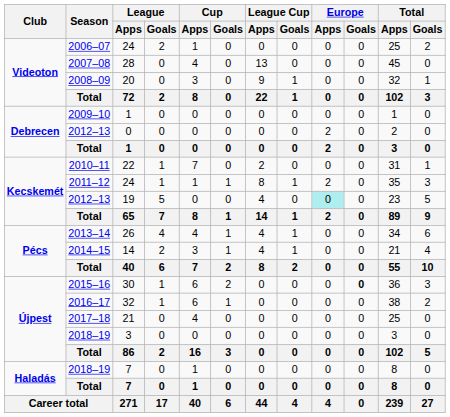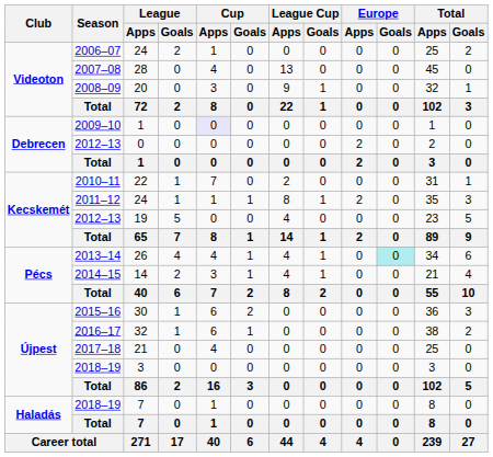 <table class="wikitable" style="text-align: center;">
 <tr>
 <th rowspan="2">Club</th>
 <th rowspan="2">Season</th>
 <th colspan="2">League</th>
 <th colspan="2">Cup</th>
 <th colspan="2">League Cup</th>
 <th colspan="2"><a href='#'>Europe</a></th>
 <th colspan="2">Total</th>
 </tr>
 <tr>
 <th>Apps</th>
 <th>Goals</th>
 <th>Apps</th>
 <th>Goals</th>
 <th>Apps</th>
 <th>Goals</th>
 <th>Apps</th>
 <th>Goals</th>
 <th>Apps</th>
 <th>Goals</th>
 </tr>
 <tr>
 <td rowspan="4"><strong><a href='#'>Videoton</a></strong></td>
 <td><a href='#'>2006–07</a></td>
 <td>24</td>
 <td>2</td>
 <td>1</td>
 <td>0</td>
 <td>0</td>
 <td>0</td>
 <td>0</td>
 <td>0</td>
 <td>25</td>
 <td>2</td>
 </tr>
 <tr>
 <td><a href='#'>2007–08</a></td>
 <td>28</td>
 <td>0</td>
 <td>4</td>
 <td>0</td>
 <td>13</td>
 <td>0</td>
 <td>0</td>
 <td>0</td>
 <td>45</td>
 <td>0</td>
 </tr>
 <tr>
 <td><a href='#'>2008–09</a></td>
 <td>20</td>
 <td>0</td>
 <td>3</td>
 <td>0</td>
 <td>9</td>
 <td>1</td>
 <td>0</td>
 <td>0</td>
 <td>32</td>
 <td>1</td>
 </tr>
 <tr>
 <th>Total</th>
 <th>72</th>
 <th>2</th>
 <th>8</th>
 <th>0</th>
 <th>22</th>
 <th>1</th>
 <th>0</th>
 <th>0</th>
 <th>102</th>
 <th>3</th>
 </tr>
 <tr>
 <td rowspan="3"><strong><a href='#'>Debrecen</a></strong></td>
 <td><a href='#'>2009–10</a></td>
 <td>1</td>
 <td>0</td>
-<td>0</td>
+<td style="background: lavender;">0</td>
 <td>0</td>
 <td>0</td>
 <td>0</td>
 <td>0</td>
 <td>0</td>
 <td>1</td>
 <td>0</td>
 </tr>
 <tr>
 <td><a href='#'>2012–13</a></td>
 <td>0</td>
 <td>0</td>
 <td>0</td>
 <td>0</td>
 <td>0</td>
 <td>0</td>
 <td>2</td>
 <td>0</td>
 <td>2</td>
 <td>0</td>
 </tr>
 <tr>
 <th>Total</th>
 <th>1</th>
 <th>0</th>
 <th>0</th>
 <th>0</th>
 <th>0</th>
 <th>0</th>
 <th>2</th>
 <th>0</th>
 <th>3</th>
 <th>0</th>
 </tr>
 <tr>
 <td rowspan="4"><strong><a href='#'>Kecskemét</a></strong></td>
 <td><a href='#'>2010–11</a></td>
 <td>22</td>
 <td>1</td>
 <td>7</td>
 <td>0</td>
 <td>2</td>
 <td>0</td>
 <td>0</td>
 <td>0</td>
 <td>31</td>
 <td>1</td>
 </tr>
 <tr>
 <td><a href='#'>2011–12</a></td>
 <td>24</td>
 <td>1</td>
 <td>1</td>
 <td>1</td>
 <td>8</td>
 <td>1</td>
 <td>2</td>
 <td>0</td>
 <td>35</td>
 <td>3</td>
 </tr>
 <tr>
 <td><a href='#'>2012–13</a></td>
 <td>19</td>
 <td>5</td>
 <td>0</td>
 <td>0</td>
 <td>4</td>
 <td>0</td>
-<td style="background: paleturquoise;">0</td>
+<td>0</td>
 <td>0</td>
 <td>23</td>
 <td>5</td>
 </tr>
 <tr>
 <th>Total</th>
 <th>65</th>
 <th>7</th>
 <th>8</th>
 <th>1</th>
 <th>14</th>
 <th>1</th>
 <th>2</th>
 <th>0</th>
 <th>89</th>
 <th>9</th>
 </tr>
 <tr>
 <td rowspan="3"><strong><a href='#'>Pécs</a></strong></td>
 <td><a href='#'>2013–14</a></td>
 <td>26</td>
 <td>4</td>
 <td>4</td>
 <td>1</td>
 <td>4</td>
 <td>1</td>
 <td>0</td>
-<td>0</td>
+<td style="background: paleturquoise;">0</td>
 <td>34</td>
 <td>6</td>
 </tr>
 <tr>
 <td><a href='#'>2014–15</a></td>
 <td>14</td>
 <td>2</td>
 <td>3</td>
 <td>1</td>
 <td>4</td>
 <td>1</td>
 <td>0</td>
 <td>0</td>
 <td>21</td>
 <td>4</td>
 </tr>
 <tr>
 <th>Total</th>
 <th>40</th>
 <th>6</th>
 <th>7</th>
 <th>2</th>
 <th>8</th>
 <th>2</th>
 <th>0</th>
 <th>0</th>
 <th>55</th>
 <th>10</th>
 </tr>
 <tr>
 <td rowspan="5"><strong><a href='#'>Újpest</a></strong></td>
 <td><a href='#'>2015–16</a></td>
 <td>30</td>
 <td>1</td>
 <td>6</td>
 <td>2</td>
 <td>0</td>
 <td>0</td>
 <td>0</td>
-<td><strong>0</strong></td>
+<td>0</td>
 <td>36</td>
 <td>3</td>
 </tr>
 <tr>
 <td><a href='#'>2016–17</a></td>
 <td>32</td>
 <td>1</td>
 <td>6</td>
 <td>1</td>
 <td>0</td>
 <td>0</td>
 <td>0</td>
 <td>0</td>
 <td>38</td>
 <td>2</td>
 </tr>
 <tr>
 <td><a href='#'>2017–18</a></td>
 <td>21</td>
 <td>0</td>
 <td>4</td>
 <td>0</td>
 <td>0</td>
 <td>0</td>
 <td>0</td>
 <td>0</td>
 <td>25</td>
 <td>0</td>
 </tr>
 <tr>
 <td><a href='#'>2018–19</a></td>
 <td>3</td>
 <td>0</td>
 <td>0</td>
 <td>0</td>
 <td>0</td>
 <td>0</td>
 <td>0</td>
 <td>0</td>
 <td>3</td>
 <td>0</td>
 </tr>
 <tr>
 <th>Total</th>
 <th>86</th>
 <th>2</th>
 <th>16</th>
 <th>3</th>
 <th>0</th>
 <th>0</th>
 <th>0</th>
 <th>0</th>
 <th>102</th>
 <th>5</th>
 </tr>
 <tr>
 <td rowspan="2"><strong><a href='#'>Haladás</a></strong></td>
 <td><a href='#'>2018–19</a></td>
 <td>7</td>
 <td>0</td>
 <td>1</td>
 <td>0</td>
 <td>0</td>
 <td>0</td>
 <td>0</td>
 <td>0</td>
 <td>8</td>
 <td>0</td>
 </tr>
 <tr>
 <th>Total</th>
 <th>7</th>
 <th>0</th>
 <th>1</th>
 <th>0</th>
 <th>0</th>
 <th>0</th>
 <th>0</th>
 <th>0</th>
 <th>8</th>
 <th>0</th>
 </tr>
 <tr>
 <th colspan="2">Career total</th>
 <th>271</th>
 <th>17</th>
 <th>40</th>
 <th>6</th>
 <th>44</th>
 <th>4</th>
 <th>4</th>
 <th>0</th>
 <th>239</th>
 <th>27</th>
 </tr>
 </table>
